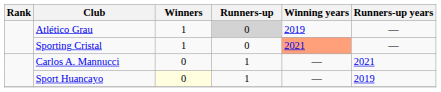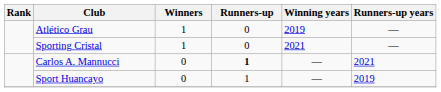 <table class="wikitable sortable">
 <tr>
 <th>Rank</th>
 <th scope="col" class="unsortable" width="180">Club</th>
 <th scope=col width=80>Winners</th>
 <th scope=col width=100>Runners-up</th>
 <th scope=col class="unsortable">Winning years</th>
 <th scope=col class="unsortable">Runners-up years</th>
 </tr>
 <tr>
 <td rowspan="2"></td>
 <td><a href='#'>Atlético Grau</a></td>
 <td align=center>1</td>
-<td align=center style="background: lightgrey;">0</td>
+<td align=center>0</td>
 <td><a href='#'>2019</a></td>
 <td align=center>—</td>
 </tr>
 <tr>
 <td><a href='#'>Sporting Cristal</a></td>
 <td align=center>1</td>
 <td align=center>0</td>
-<td style="background: lightsalmon;"><a href='#'>2021</a></td>
+<td><a href='#'>2021</a></td>
 <td align=center>—</td>
 </tr>
 <tr>
 <td rowspan="2"></td>
 <td><a href='#'>Carlos A. Mannucci</a></td>
 <td align=center>0</td>
-<td align=center>1</td>
+<td align=center><strong>1</strong></td>
 <td align=center>—</td>
 <td><a href='#'>2021</a></td>
 </tr>
 <tr>
 <td><a href='#'>Sport Huancayo</a></td>
-<td align=center style="background: lightyellow;">0</td>
+<td align=center>0</td>
 <td align=center>1</td>
 <td align=center>—</td>
 <td><a href='#'>2019</a></td>
 </tr>
 <tr>
 </tr>
 </table>
